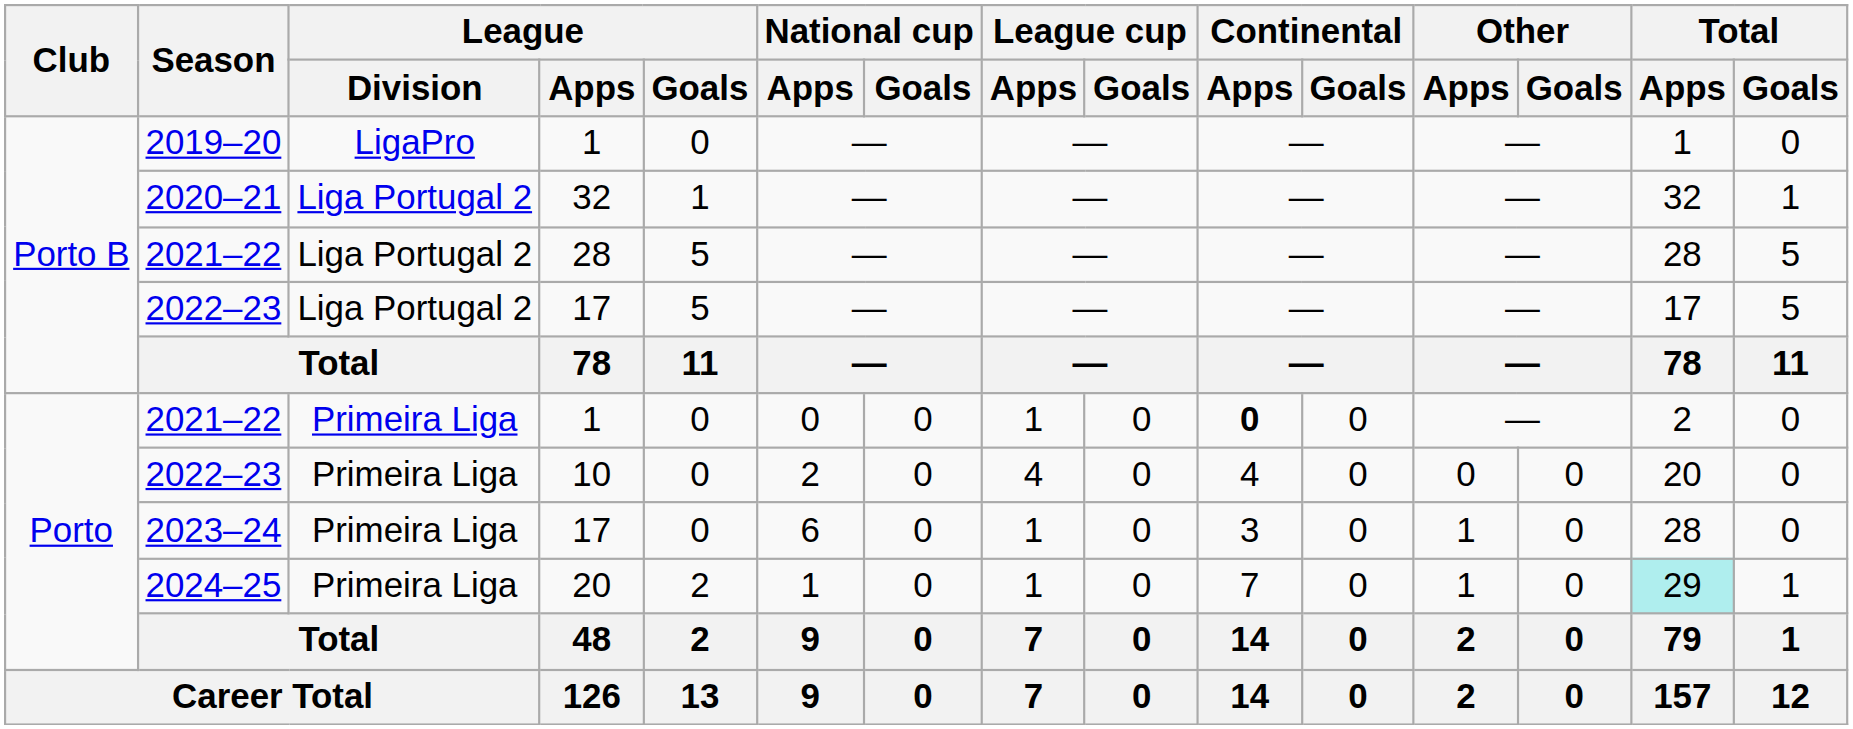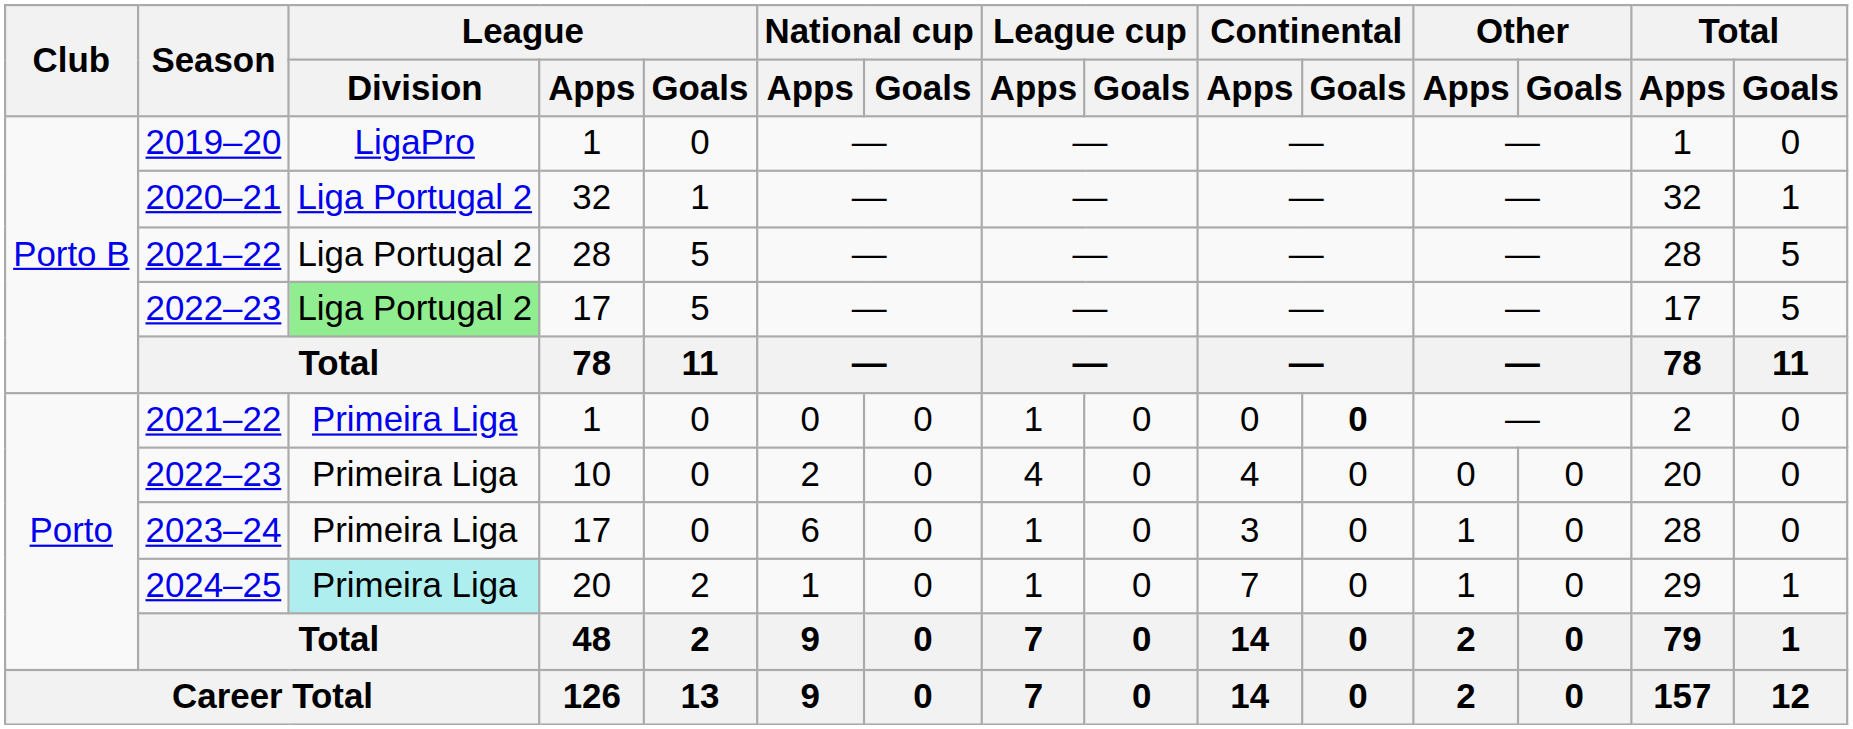 <table class="wikitable" style="text-align: center">
 <tr>
 <th rowspan="2">Club</th>
 <th rowspan="2">Season</th>
 <th colspan="3">League</th>
 <th colspan="2">National cup</th>
 <th colspan="2">League cup</th>
 <th colspan="2">Continental</th>
 <th colspan="2">Other</th>
 <th colspan="2">Total</th>
 </tr>
 <tr>
 <th>Division</th>
 <th>Apps</th>
 <th>Goals</th>
 <th>Apps</th>
 <th>Goals</th>
 <th>Apps</th>
 <th>Goals</th>
 <th>Apps</th>
 <th>Goals</th>
 <th>Apps</th>
 <th>Goals</th>
 <th>Apps</th>
 <th>Goals</th>
 </tr>
 <tr>
 <td rowspan="5"><a href='#'>Porto B</a></td>
 <td><a href='#'>2019–20</a></td>
 <td><a href='#'>LigaPro</a></td>
 <td>1</td>
 <td>0</td>
 <td colspan="2">—</td>
 <td colspan="2">—</td>
 <td colspan="2">—</td>
 <td colspan="2">—</td>
 <td>1</td>
 <td>0</td>
 </tr>
 <tr>
 <td><a href='#'>2020–21</a></td>
 <td><a href='#'>Liga Portugal 2</a></td>
 <td>32</td>
 <td>1</td>
 <td colspan="2">—</td>
 <td colspan="2">—</td>
 <td colspan="2">—</td>
 <td colspan="2">—</td>
 <td>32</td>
 <td>1</td>
 </tr>
 <tr>
 <td><a href='#'>2021–22</a></td>
 <td>Liga Portugal 2</td>
 <td>28</td>
 <td>5</td>
 <td colspan="2">—</td>
 <td colspan="2">—</td>
 <td colspan="2">—</td>
 <td colspan="2">—</td>
 <td>28</td>
 <td>5</td>
 </tr>
 <tr>
 <td><a href='#'>2022–23</a></td>
-<td>Liga Portugal 2</td>
+<td style="background: lightgreen;">Liga Portugal 2</td>
 <td>17</td>
 <td>5</td>
 <td colspan="2">—</td>
 <td colspan="2">—</td>
 <td colspan="2">—</td>
 <td colspan="2">—</td>
 <td>17</td>
 <td>5</td>
 </tr>
 <tr>
 <th colspan="2">Total</th>
 <th>78</th>
 <th>11</th>
 <th colspan="2">—</th>
 <th colspan="2">—</th>
 <th colspan="2">—</th>
 <th colspan="2">—</th>
 <th>78</th>
 <th>11</th>
 </tr>
 <tr>
 <td rowspan="5"><a href='#'>Porto</a></td>
 <td><a href='#'>2021–22</a></td>
 <td><a href='#'>Primeira Liga</a></td>
 <td>1</td>
 <td>0</td>
 <td>0</td>
 <td>0</td>
 <td>1</td>
 <td>0</td>
+<td>0</td>
 <td><strong>0</strong></td>
-<td>0</td>
 <td colspan="2">—</td>
 <td>2</td>
 <td>0</td>
 </tr>
 <tr>
 <td><a href='#'>2022–23</a></td>
 <td>Primeira Liga</td>
 <td>10</td>
 <td>0</td>
 <td>2</td>
 <td>0</td>
 <td>4</td>
 <td>0</td>
 <td>4</td>
 <td>0</td>
 <td>0</td>
 <td>0</td>
 <td>20</td>
 <td>0</td>
 </tr>
 <tr>
 <td><a href='#'>2023–24</a></td>
 <td>Primeira Liga</td>
 <td>17</td>
 <td>0</td>
 <td>6</td>
 <td>0</td>
 <td>1</td>
 <td>0</td>
 <td>3</td>
 <td>0</td>
 <td>1</td>
 <td>0</td>
 <td>28</td>
 <td>0</td>
 </tr>
 <tr>
 <td><a href='#'>2024–25</a></td>
-<td>Primeira Liga</td>
+<td style="background: paleturquoise;">Primeira Liga</td>
 <td>20</td>
 <td>2</td>
 <td>1</td>
 <td>0</td>
 <td>1</td>
 <td>0</td>
 <td>7</td>
 <td>0</td>
 <td>1</td>
 <td>0</td>
-<td style="background: paleturquoise;">29</td>
+<td>29</td>
 <td>1</td>
 </tr>
 <tr>
 <th colspan="2">Total</th>
 <th>48</th>
 <th>2</th>
 <th>9</th>
 <th>0</th>
 <th>7</th>
 <th>0</th>
 <th>14</th>
 <th>0</th>
 <th>2</th>
 <th>0</th>
 <th>79</th>
 <th>1</th>
 </tr>
 <tr>
 <th colspan="3">Career Total</th>
 <th>126</th>
 <th>13</th>
 <th>9</th>
 <th>0</th>
 <th>7</th>
 <th>0</th>
 <th>14</th>
 <th>0</th>
 <th>2</th>
 <th>0</th>
 <th>157</th>
 <th>12</th>
 </tr>
 </table>
